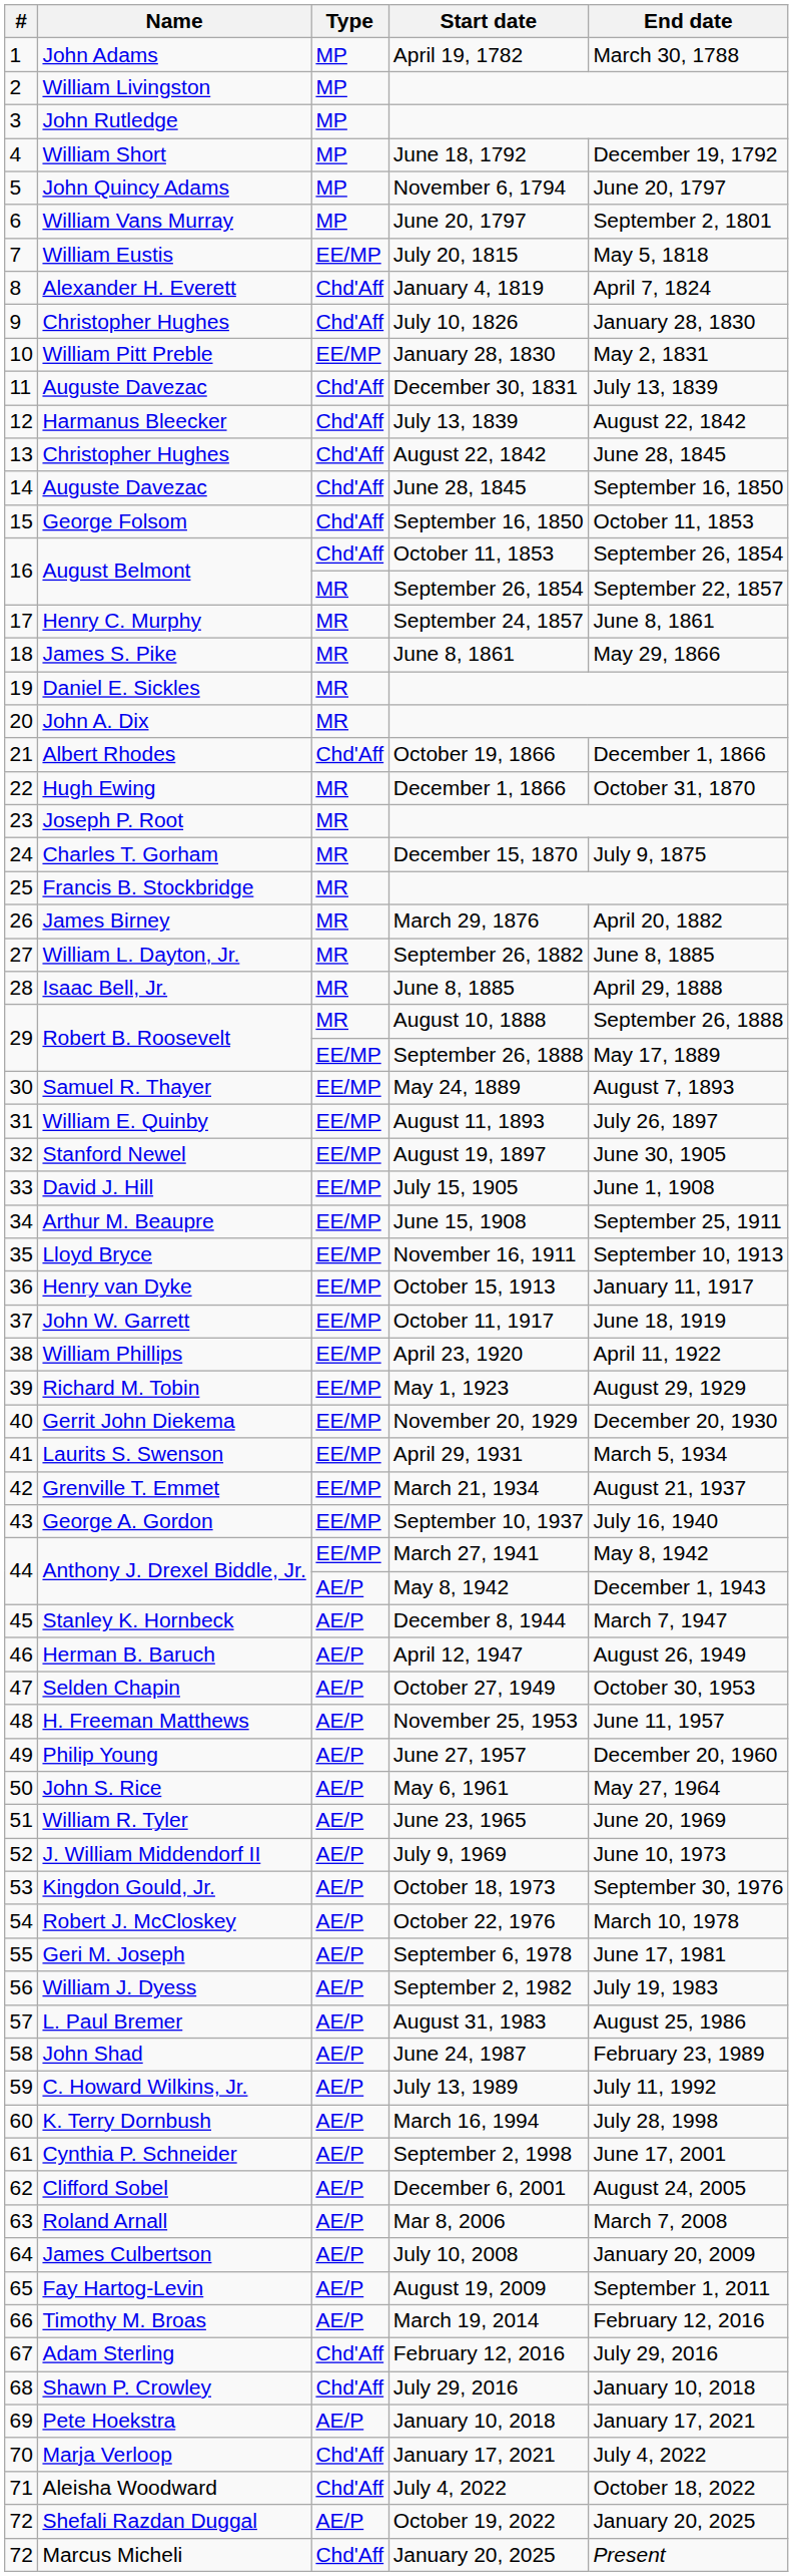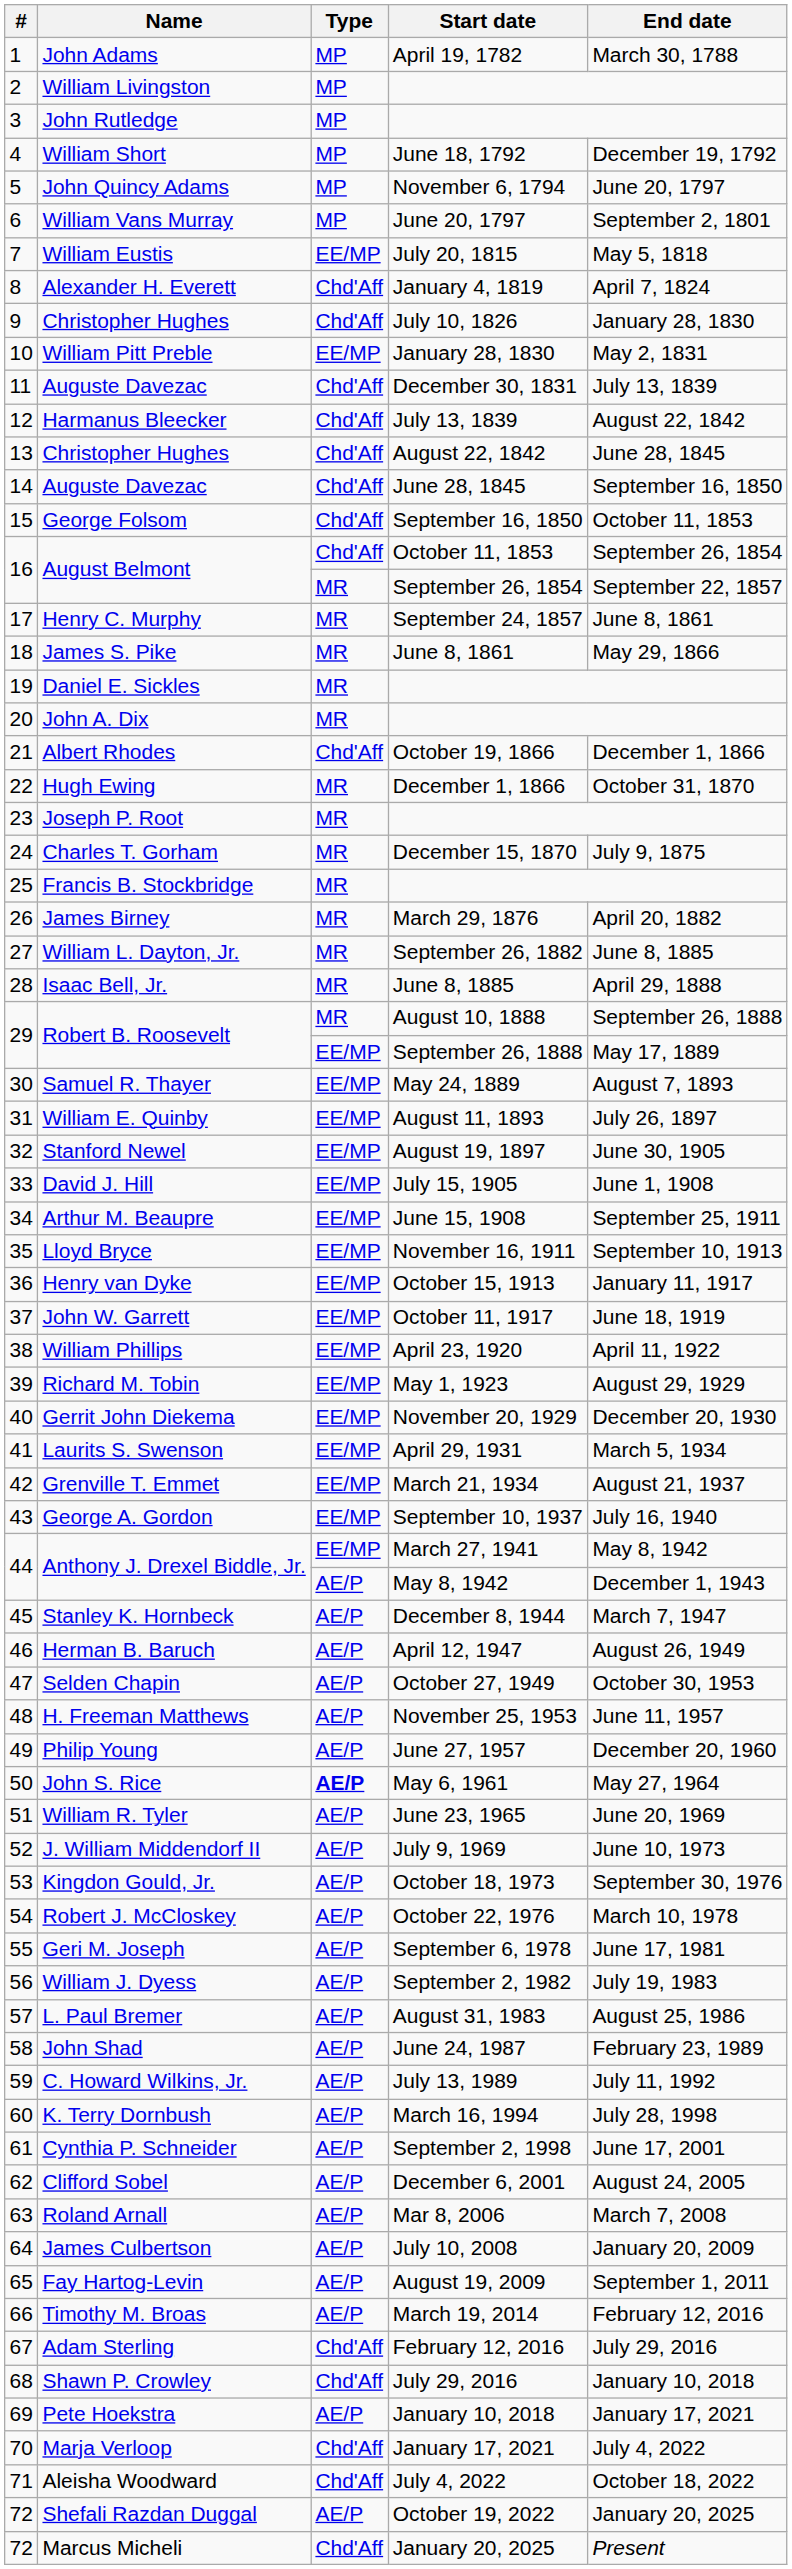 <table class="wikitable" |>
 <tr>
 <th>#</th>
 <th>Name</th>
 <th>Type</th>
 <th>Start date</th>
 <th>End date</th>
 </tr>
 <tr>
 <td>1</td>
 <td><a href='#'>John Adams</a></td>
 <td><a href='#'>MP</a></td>
 <td>April 19, 1782</td>
 <td>March 30, 1788</td>
 </tr>
 <tr>
 <td>2</td>
 <td><a href='#'>William Livingston</a></td>
 <td><a href='#'>MP</a></td>
 <td colspan="2"></td>
 </tr>
 <tr>
 <td>3</td>
 <td><a href='#'>John Rutledge</a></td>
 <td><a href='#'>MP</a></td>
 <td colspan="2"></td>
 </tr>
 <tr>
 <td>4</td>
 <td><a href='#'>William Short</a></td>
 <td><a href='#'>MP</a></td>
 <td>June 18, 1792</td>
 <td>December 19, 1792</td>
 </tr>
 <tr>
 <td>5</td>
 <td><a href='#'>John Quincy Adams</a></td>
 <td><a href='#'>MP</a></td>
 <td>November 6, 1794</td>
 <td>June 20, 1797</td>
 </tr>
 <tr>
 <td>6</td>
 <td><a href='#'>William Vans Murray</a></td>
 <td><a href='#'>MP</a></td>
 <td>June 20, 1797</td>
 <td>September 2, 1801</td>
 </tr>
 <tr>
 <td>7</td>
 <td><a href='#'>William Eustis</a></td>
 <td><a href='#'>EE/MP</a></td>
 <td>July 20, 1815</td>
 <td>May 5, 1818</td>
 </tr>
 <tr>
 <td>8</td>
 <td><a href='#'>Alexander H. Everett</a></td>
 <td><a href='#'>Chd'Aff</a></td>
 <td>January 4, 1819</td>
 <td>April 7, 1824</td>
 </tr>
 <tr>
 <td>9</td>
 <td><a href='#'>Christopher Hughes</a></td>
 <td><a href='#'>Chd'Aff</a></td>
 <td>July 10, 1826</td>
 <td>January 28, 1830</td>
 </tr>
 <tr>
 <td>10</td>
 <td><a href='#'>William Pitt Preble</a></td>
 <td><a href='#'>EE/MP</a></td>
 <td>January 28, 1830</td>
 <td>May 2, 1831</td>
 </tr>
 <tr>
 <td>11</td>
 <td><a href='#'>Auguste Davezac</a></td>
 <td><a href='#'>Chd'Aff</a></td>
 <td>December 30, 1831</td>
 <td>July 13, 1839</td>
 </tr>
 <tr>
 <td>12</td>
 <td><a href='#'>Harmanus Bleecker</a></td>
 <td><a href='#'>Chd'Aff</a></td>
 <td>July 13, 1839</td>
 <td>August 22, 1842</td>
 </tr>
 <tr>
 <td>13</td>
 <td><a href='#'>Christopher Hughes</a></td>
 <td><a href='#'>Chd'Aff</a></td>
 <td>August 22, 1842</td>
 <td>June 28, 1845</td>
 </tr>
 <tr>
 <td>14</td>
 <td><a href='#'>Auguste Davezac</a></td>
 <td><a href='#'>Chd'Aff</a></td>
 <td>June 28, 1845</td>
 <td>September 16, 1850</td>
 </tr>
 <tr>
 <td>15</td>
 <td><a href='#'>George Folsom</a></td>
 <td><a href='#'>Chd'Aff</a></td>
 <td>September 16, 1850</td>
 <td>October 11, 1853</td>
 </tr>
 <tr>
 <td rowspan="2">16</td>
 <td rowspan="2"><a href='#'>August Belmont</a></td>
 <td><a href='#'>Chd'Aff</a></td>
 <td>October 11, 1853</td>
 <td>September 26, 1854</td>
 </tr>
 <tr>
 <td><a href='#'>MR</a></td>
 <td>September 26, 1854</td>
 <td>September 22, 1857</td>
 </tr>
 <tr>
 <td>17</td>
 <td><a href='#'>Henry C. Murphy</a></td>
 <td><a href='#'>MR</a></td>
 <td>September 24, 1857</td>
 <td>June 8, 1861</td>
 </tr>
 <tr>
 <td>18</td>
 <td><a href='#'>James S. Pike</a></td>
 <td><a href='#'>MR</a></td>
 <td>June 8, 1861</td>
 <td>May 29, 1866</td>
 </tr>
 <tr>
 <td>19</td>
 <td><a href='#'>Daniel E. Sickles</a></td>
 <td><a href='#'>MR</a></td>
 <td colspan="2"></td>
 </tr>
 <tr>
 <td>20</td>
 <td><a href='#'>John A. Dix</a></td>
 <td><a href='#'>MR</a></td>
 <td colspan="2"></td>
 </tr>
 <tr>
 <td>21</td>
 <td><a href='#'>Albert Rhodes</a></td>
 <td><a href='#'>Chd'Aff</a></td>
 <td>October 19, 1866</td>
 <td>December 1, 1866</td>
 </tr>
 <tr>
 <td>22</td>
 <td><a href='#'>Hugh Ewing</a></td>
 <td><a href='#'>MR</a></td>
 <td>December 1, 1866</td>
 <td>October 31, 1870</td>
 </tr>
 <tr>
 <td>23</td>
 <td><a href='#'>Joseph P. Root</a></td>
 <td><a href='#'>MR</a></td>
 <td colspan="2"></td>
 </tr>
 <tr>
 <td>24</td>
 <td><a href='#'>Charles T. Gorham</a></td>
 <td><a href='#'>MR</a></td>
 <td>December 15, 1870</td>
 <td>July 9, 1875</td>
 </tr>
 <tr>
 <td>25</td>
 <td><a href='#'>Francis B. Stockbridge</a></td>
 <td><a href='#'>MR</a></td>
 <td colspan="2"></td>
 </tr>
 <tr>
 <td>26</td>
 <td><a href='#'>James Birney</a></td>
 <td><a href='#'>MR</a></td>
 <td>March 29, 1876</td>
 <td>April 20, 1882</td>
 </tr>
 <tr>
 <td>27</td>
 <td><a href='#'>William L. Dayton, Jr.</a></td>
 <td><a href='#'>MR</a></td>
 <td>September 26, 1882</td>
 <td>June 8, 1885</td>
 </tr>
 <tr>
 <td>28</td>
 <td><a href='#'>Isaac Bell, Jr.</a></td>
 <td><a href='#'>MR</a></td>
 <td>June 8, 1885</td>
 <td>April 29, 1888</td>
 </tr>
 <tr>
 <td rowspan="2">29</td>
 <td rowspan="2"><a href='#'>Robert B. Roosevelt</a></td>
 <td><a href='#'>MR</a></td>
 <td>August 10, 1888</td>
 <td>September 26, 1888</td>
 </tr>
 <tr>
 <td><a href='#'>EE/MP</a></td>
 <td>September 26, 1888</td>
 <td>May 17, 1889</td>
 </tr>
 <tr>
 <td>30</td>
 <td><a href='#'>Samuel R. Thayer</a></td>
 <td><a href='#'>EE/MP</a></td>
 <td>May 24, 1889</td>
 <td>August 7, 1893</td>
 </tr>
 <tr>
 <td>31</td>
 <td><a href='#'>William E. Quinby</a></td>
 <td><a href='#'>EE/MP</a></td>
 <td>August 11, 1893</td>
 <td>July 26, 1897</td>
 </tr>
 <tr>
 <td>32</td>
 <td><a href='#'>Stanford Newel</a></td>
 <td><a href='#'>EE/MP</a></td>
 <td>August 19, 1897</td>
 <td>June 30, 1905</td>
 </tr>
 <tr>
 <td>33</td>
 <td><a href='#'>David J. Hill</a></td>
 <td><a href='#'>EE/MP</a></td>
 <td>July 15, 1905</td>
 <td>June 1, 1908</td>
 </tr>
 <tr>
 <td>34</td>
 <td><a href='#'>Arthur M. Beaupre</a></td>
 <td><a href='#'>EE/MP</a></td>
 <td>June 15, 1908</td>
 <td>September 25, 1911</td>
 </tr>
 <tr>
 <td>35</td>
 <td><a href='#'>Lloyd Bryce</a></td>
 <td><a href='#'>EE/MP</a></td>
 <td>November 16, 1911</td>
 <td>September 10, 1913</td>
 </tr>
 <tr>
 <td>36</td>
 <td><a href='#'>Henry van Dyke</a></td>
 <td><a href='#'>EE/MP</a></td>
 <td>October 15, 1913</td>
 <td>January 11, 1917</td>
 </tr>
 <tr>
 <td>37</td>
 <td><a href='#'>John W. Garrett</a></td>
 <td><a href='#'>EE/MP</a></td>
 <td>October 11, 1917</td>
 <td>June 18, 1919</td>
 </tr>
 <tr>
 <td>38</td>
 <td><a href='#'>William Phillips</a></td>
 <td><a href='#'>EE/MP</a></td>
 <td>April 23, 1920</td>
 <td>April 11, 1922</td>
 </tr>
 <tr>
 <td>39</td>
 <td><a href='#'>Richard M. Tobin</a></td>
 <td><a href='#'>EE/MP</a></td>
 <td>May 1, 1923</td>
 <td>August 29, 1929</td>
 </tr>
 <tr>
 <td>40</td>
 <td><a href='#'>Gerrit John Diekema</a></td>
 <td><a href='#'>EE/MP</a></td>
 <td>November 20, 1929</td>
 <td>December 20, 1930</td>
 </tr>
 <tr>
 <td>41</td>
 <td><a href='#'>Laurits S. Swenson</a></td>
 <td><a href='#'>EE/MP</a></td>
 <td>April 29, 1931</td>
 <td>March 5, 1934</td>
 </tr>
 <tr>
 <td>42</td>
 <td><a href='#'>Grenville T. Emmet</a></td>
 <td><a href='#'>EE/MP</a></td>
 <td>March 21, 1934</td>
 <td>August 21, 1937</td>
 </tr>
 <tr>
 <td>43</td>
 <td><a href='#'>George A. Gordon</a></td>
 <td><a href='#'>EE/MP</a></td>
 <td>September 10, 1937</td>
 <td>July 16, 1940</td>
 </tr>
 <tr>
 <td rowspan="2">44</td>
 <td rowspan="2"><a href='#'>Anthony J. Drexel Biddle, Jr.</a></td>
 <td><a href='#'>EE/MP</a></td>
 <td>March 27, 1941</td>
 <td>May 8, 1942</td>
 </tr>
 <tr>
 <td><a href='#'>AE/P</a></td>
 <td>May 8, 1942</td>
 <td>December 1, 1943</td>
 </tr>
 <tr>
 <td>45</td>
 <td><a href='#'>Stanley K. Hornbeck</a></td>
 <td><a href='#'>AE/P</a></td>
 <td>December 8, 1944</td>
 <td>March 7, 1947</td>
 </tr>
 <tr>
 <td>46</td>
 <td><a href='#'>Herman B. Baruch</a></td>
 <td><a href='#'>AE/P</a></td>
 <td>April 12, 1947</td>
 <td>August 26, 1949</td>
 </tr>
 <tr>
 <td>47</td>
 <td><a href='#'>Selden Chapin</a></td>
 <td><a href='#'>AE/P</a></td>
 <td>October 27, 1949</td>
 <td>October 30, 1953</td>
 </tr>
 <tr>
 <td>48</td>
 <td><a href='#'>H. Freeman Matthews</a></td>
 <td><a href='#'>AE/P</a></td>
 <td>November 25, 1953</td>
 <td>June 11, 1957</td>
 </tr>
 <tr>
 <td>49</td>
 <td><a href='#'>Philip Young</a></td>
 <td><a href='#'>AE/P</a></td>
 <td>June 27, 1957</td>
 <td>December 20, 1960</td>
 </tr>
 <tr>
 <td>50</td>
 <td><a href='#'>John S. Rice</a></td>
-<td><a href='#'>AE/P</a></td>
+<td><strong><a href='#'>AE/P</a></strong></td>
 <td>May 6, 1961</td>
 <td>May 27, 1964</td>
 </tr>
 <tr>
 <td>51</td>
 <td><a href='#'>William R. Tyler</a></td>
 <td><a href='#'>AE/P</a></td>
 <td>June 23, 1965</td>
 <td>June 20, 1969</td>
 </tr>
 <tr>
 <td>52</td>
 <td><a href='#'>J. William Middendorf II</a></td>
 <td><a href='#'>AE/P</a></td>
 <td>July 9, 1969</td>
 <td>June 10, 1973</td>
 </tr>
 <tr>
 <td>53</td>
 <td><a href='#'>Kingdon Gould, Jr.</a></td>
 <td><a href='#'>AE/P</a></td>
 <td>October 18, 1973</td>
 <td>September 30, 1976</td>
 </tr>
 <tr>
 <td>54</td>
 <td><a href='#'>Robert J. McCloskey</a></td>
 <td><a href='#'>AE/P</a></td>
 <td>October 22, 1976</td>
 <td>March 10, 1978</td>
 </tr>
 <tr>
 <td>55</td>
 <td><a href='#'>Geri M. Joseph</a></td>
 <td><a href='#'>AE/P</a></td>
 <td>September 6, 1978</td>
 <td>June 17, 1981</td>
 </tr>
 <tr>
 <td>56</td>
 <td><a href='#'>William J. Dyess</a></td>
 <td><a href='#'>AE/P</a></td>
 <td>September 2, 1982</td>
 <td>July 19, 1983</td>
 </tr>
 <tr>
 <td>57</td>
 <td><a href='#'>L. Paul Bremer</a></td>
 <td><a href='#'>AE/P</a></td>
 <td>August 31, 1983</td>
 <td>August 25, 1986</td>
 </tr>
 <tr>
 <td>58</td>
 <td><a href='#'>John Shad</a></td>
 <td><a href='#'>AE/P</a></td>
 <td>June 24, 1987</td>
 <td>February 23, 1989</td>
 </tr>
 <tr>
 <td>59</td>
 <td><a href='#'>C. Howard Wilkins, Jr.</a></td>
 <td><a href='#'>AE/P</a></td>
 <td>July 13, 1989</td>
 <td>July 11, 1992</td>
 </tr>
 <tr>
 <td>60</td>
 <td><a href='#'>K. Terry Dornbush</a></td>
 <td><a href='#'>AE/P</a></td>
 <td>March 16, 1994</td>
 <td>July 28, 1998</td>
 </tr>
 <tr>
 <td>61</td>
 <td><a href='#'>Cynthia P. Schneider</a></td>
 <td><a href='#'>AE/P</a></td>
 <td>September 2, 1998</td>
 <td>June 17, 2001</td>
 </tr>
 <tr>
 <td>62</td>
 <td><a href='#'>Clifford Sobel</a></td>
 <td><a href='#'>AE/P</a></td>
 <td>December 6, 2001</td>
 <td>August 24, 2005</td>
 </tr>
 <tr>
 <td>63</td>
 <td><a href='#'>Roland Arnall</a></td>
 <td><a href='#'>AE/P</a></td>
 <td>Mar 8, 2006</td>
 <td>March 7, 2008</td>
 </tr>
 <tr>
 <td>64</td>
 <td><a href='#'>James Culbertson</a></td>
 <td><a href='#'>AE/P</a></td>
 <td>July 10, 2008</td>
 <td>January 20, 2009</td>
 </tr>
 <tr>
 <td>65</td>
 <td><a href='#'>Fay Hartog-Levin</a></td>
 <td><a href='#'>AE/P</a></td>
 <td>August 19, 2009</td>
 <td>September 1, 2011</td>
 </tr>
 <tr>
 <td>66</td>
 <td><a href='#'>Timothy M. Broas</a></td>
 <td><a href='#'>AE/P</a></td>
 <td>March 19, 2014</td>
 <td>February 12, 2016</td>
 </tr>
 <tr>
 <td>67</td>
 <td><a href='#'>Adam Sterling</a></td>
 <td><a href='#'>Chd'Aff</a></td>
 <td>February 12, 2016</td>
 <td>July 29, 2016</td>
 </tr>
 <tr>
 <td>68</td>
 <td><a href='#'>Shawn P. Crowley</a></td>
 <td><a href='#'>Chd'Aff</a></td>
 <td>July 29, 2016</td>
 <td>January 10, 2018</td>
 </tr>
 <tr>
 <td>69</td>
 <td><a href='#'>Pete Hoekstra</a></td>
 <td><a href='#'>AE/P</a></td>
 <td>January 10, 2018</td>
 <td>January 17, 2021</td>
 </tr>
 <tr>
 <td>70</td>
 <td><a href='#'>Marja Verloop</a></td>
 <td><a href='#'>Chd'Aff</a></td>
 <td>January 17, 2021</td>
 <td>July 4, 2022</td>
 </tr>
 <tr>
 <td>71</td>
 <td>Aleisha Woodward</td>
 <td><a href='#'>Chd'Aff</a></td>
 <td>July 4, 2022</td>
 <td>October 18, 2022</td>
 </tr>
 <tr>
 <td>72</td>
 <td><a href='#'>Shefali Razdan Duggal</a></td>
 <td><a href='#'>AE/P</a></td>
 <td>October 19, 2022</td>
 <td>January 20, 2025</td>
 </tr>
 <tr>
 <td>72</td>
 <td>Marcus Micheli</td>
 <td><a href='#'>Chd'Aff</a></td>
 <td>January 20, 2025</td>
 <td><em>Present</em></td>
 </tr>
 </table>
